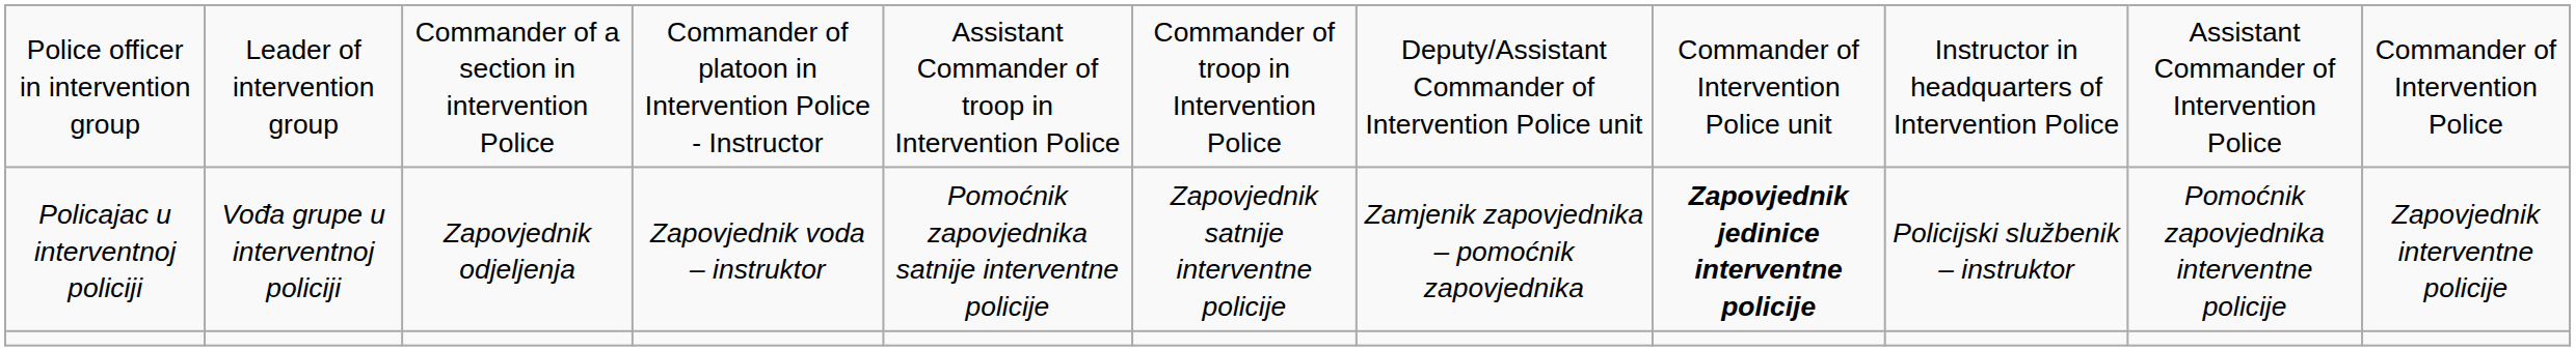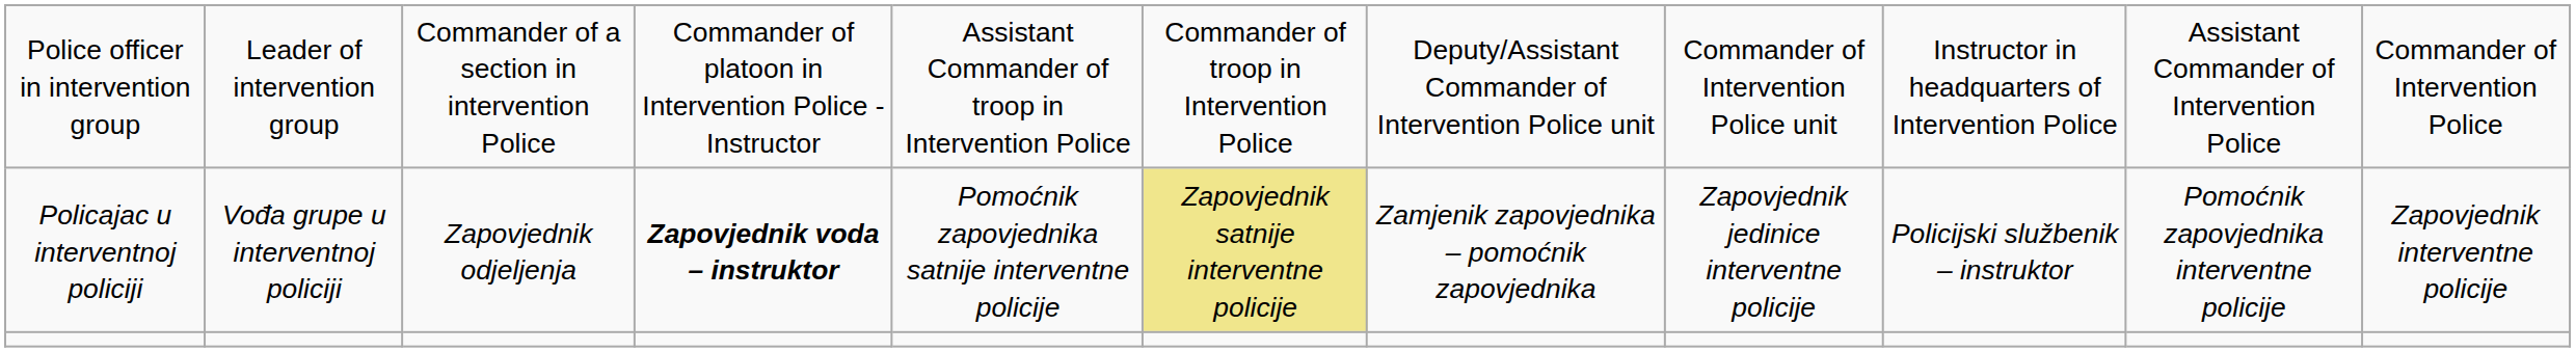 <table class="wikitable" style="text-align:center">
 <tr>
 <td><small>Police officer in intervention group</small></td>
 <td><small>Leader of intervention group</small></td>
 <td><small>Commander of a section in intervention Police </small></td>
 <td><small>Commander of platoon in Intervention Police - Instructor</small></td>
 <td><small>Assistant Commander of troop in Intervention Police</small></td>
 <td><small>Commander of troop in Intervention Police</small></td>
 <td><small>Deputy/Assistant Commander of Intervention Police unit</small></td>
 <td><small>Commander of Intervention Police unit</small></td>
 <td><small>Instructor in headquarters of Intervention Police </small></td>
 <td><small>Assistant Commander of Intervention Police</small></td>
 <td><small>Commander of Intervention Police</small></td>
 </tr>
 <tr>
 <td><small><em>Policajac u interventnoj policiji</em></small></td>
 <td><small><em>Vođa grupe u interventnoj policiji</em></small></td>
 <td><small><em>Zapovjednik odjeljenja</em></small></td>
-<td><small><em>Zapovjednik voda – instruktor</em></small></td>
+<td><strong><small><em>Zapovjednik voda – instruktor</em></small></strong></td>
 <td><small><em>Pomoćnik zapovjednika satnije interventne policije</em></small></td>
-<td><small><em>Zapovjednik satnije interventne policije</em></small></td>
+<td style="background: khaki;"><small><em>Zapovjednik satnije interventne policije</em></small></td>
 <td><small><em>Zamjenik zapovjednika – pomoćnik zapovjednika</em></small></td>
-<td><strong><small><em>Zapovjednik jedinice interventne policije</em></small></strong></td>
+<td><small><em>Zapovjednik jedinice interventne policije</em></small></td>
 <td><small><em>Policijski službenik – instruktor</em></small></td>
 <td><small><em>Pomoćnik zapovjednika interventne policije</em></small></td>
 <td><small><em>Zapovjednik interventne policije</em></small></td>
 </tr>
 <tr>
 <td></td>
 <td></td>
 <td></td>
 <td></td>
 <td></td>
 <td></td>
 <td></td>
 <td></td>
 <td></td>
 <td></td>
 <td></td>
 </tr>
 </table>
